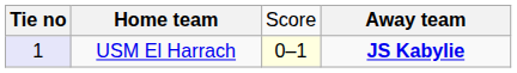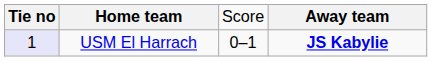 <table class="wikitable" style="text-align:center">
 <tr>
 <th>Tie no</th>
 <th style="width:150px;">Home team</th>
 <td>Score</td>
 <th style="width:150px;">Away team</th>
 </tr>
 <tr>
 <td style="background: lavender;">1</td>
 <td><a href='#'>USM El Harrach</a></td>
-<td style="background: lightyellow;">0–1</td>
+<td>0–1</td>
 <td><strong><a href='#'>JS Kabylie</a></strong></td>
 </tr>
 </table>
